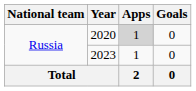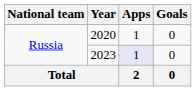 <table class="wikitable" style="text-align:center">
 <tr>
 <th>National team</th>
 <th>Year</th>
 <th>Apps</th>
 <th>Goals</th>
 </tr>
 <tr>
 <td rowspan="2"><a href='#'>Russia</a></td>
 <td>2020</td>
-<td style="background: lightgrey;">1</td>
+<td>1</td>
 <td>0</td>
 </tr>
 <tr>
 <td>2023</td>
-<td>1</td>
+<td style="background: lavender;">1</td>
 <td>0</td>
 </tr>
 <tr>
 <th colspan="2">Total</th>
 <th>2</th>
 <th>0</th>
 </tr>
 </table>
